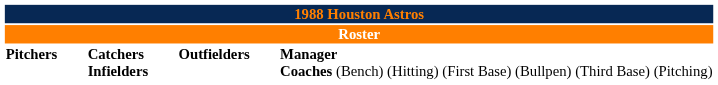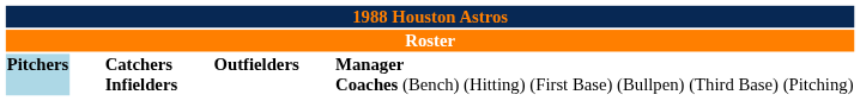 <table class="toccolours" style="text-align: left;">
 <tr>
 <th colspan="10" style="background-color: #072854; color: #FF7F00; text-align: center;">1988 Houston Astros</th>
 </tr>
 <tr>
 <td colspan="10" style="background-color: #FF7F00; color: white; text-align: center;"><strong>Roster</strong></td>
 </tr>
 <tr>
-<td valign="top"><strong>Pitchers</strong><br>              </td>
+<td valign="top" style="background: lightblue;"><strong>Pitchers</strong><br>              </td>
 <td style="width:25px;"></td>
 <td valign="top"><strong>Catchers</strong><br>    <strong>Infielders</strong>            </td>
 <td style="width:25px;"></td>
 <td valign="top"><strong>Outfielders</strong><br>       </td>
 <td style="width:25px;"></td>
 <td valign="top"><strong>Manager</strong><br> <strong>Coaches</strong>  (Bench)  (Hitting)  (First Base)  (Bullpen)  (Third Base)  (Pitching)</td>
 </tr>
 </table>
